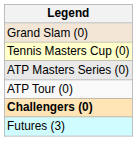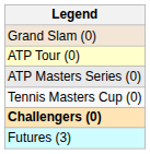 <table class="wikitable sortable mw-collapsible mw-collapsed">
 <tr>
 <th>Legend</th>
 </tr>
 <tr style="background:#f3e6d7;">
 <td>Grand Slam (0)</td>
 </tr>
 <tr style="background:#ffffcc;">
-<td>Tennis Masters Cup (0)</td>
+<td>ATP Tour (0)</td>
 </tr>
 <tr style="background:#e9e9e9;">
 <td>ATP Masters Series (0)</td>
 </tr>
 <tr>
-<td>ATP Tour (0)</td>
+<td>Tennis Masters Cup (0)</td>
 </tr>
 <tr bgcolor="moccasin">
 <td><strong>Challengers (0)</strong></td>
 </tr>
 <tr bgcolor="CFFCFF">
 <td>Futures (3)</td>
 </tr>
 </table>
